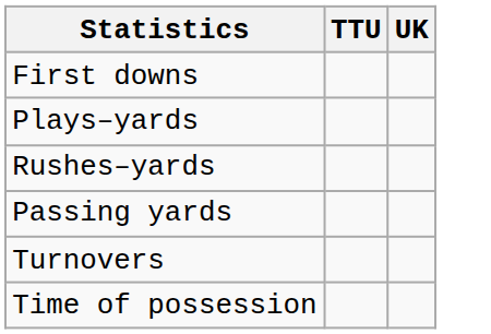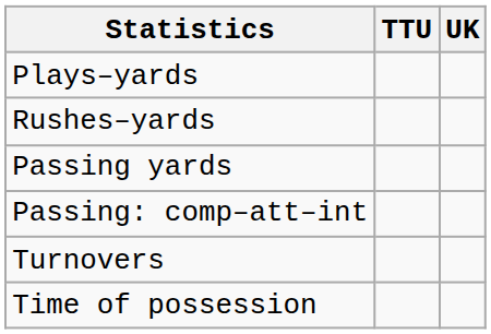 <table class="wikitable" style="float:left">
 <tr>
 <th>Statistics</th>
 <th>TTU</th>
 <th>UK</th>
-</tr>
-<tr>
-<td>First downs</td>
-<td></td>
-<td></td>
 </tr>
 <tr>
 <td>Plays–yards</td>
 <td></td>
 <td></td>
 </tr>
 <tr>
 <td>Rushes–yards</td>
 <td></td>
 <td></td>
 </tr>
 <tr>
 <td>Passing yards</td>
 <td></td>
 <td></td>
 </tr>
 <tr>
+<td>Passing: comp–att–int</td>
+<td></td>
+<td></td>
+</tr>
+<tr>
 <td>Turnovers</td>
 <td></td>
 <td></td>
 </tr>
 <tr>
 <td>Time of possession</td>
 <td></td>
 <td></td>
 </tr>
 </table>
